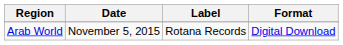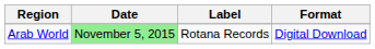 <table class="wikitable">
 <tr>
 <th>Region</th>
 <th>Date</th>
 <th>Label</th>
 <th>Format</th>
 </tr>
 <tr>
 </tr>
 <tr>
 <td><a href='#'>Arab World</a></td>
-<td>November 5, 2015</td>
+<td style="background: lightgreen;">November 5, 2015</td>
 <td rowspan="2">Rotana Records</td>
 <td rowspan="2"><a href='#'>Digital Download</a></td>
 </tr>
 </table>
